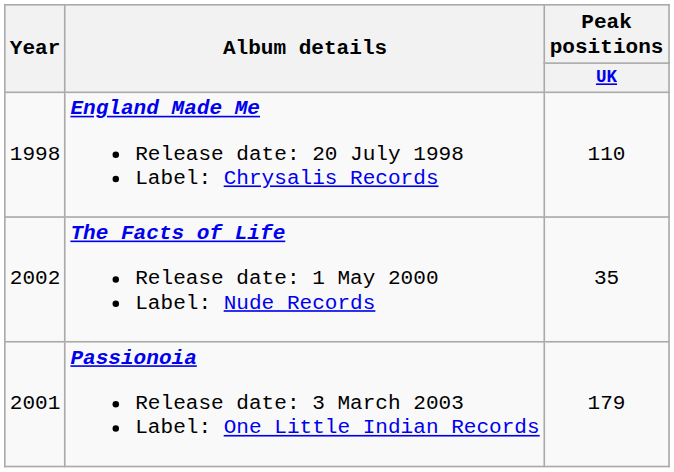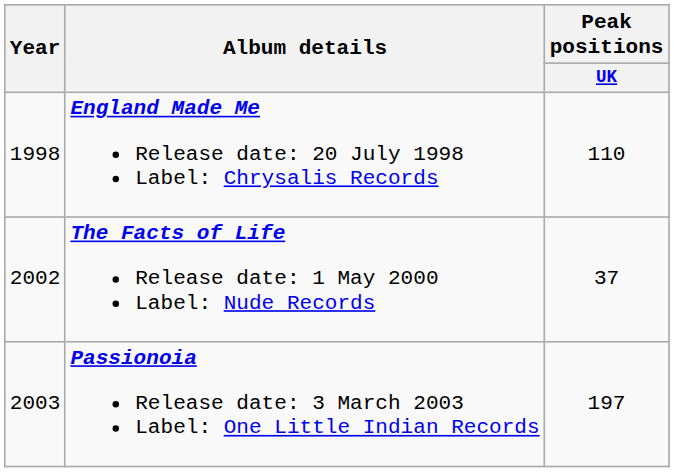 <table class="wikitable" style="text-align:center;">
 <tr>
 <th rowspan="2">Year</th>
 <th rowspan="2">Album details</th>
 <th>Peak positions</th>
 </tr>
 <tr style="font-size:smaller;">
 <th style="width:50px;"><a href='#'>UK</a><br></th>
 </tr>
 <tr>
 <td>1998</td>
 <td style="text-align:left;"><strong><em><a href='#'>England Made Me</a></em></strong><br><ul><li>Release date: 20 July 1998</li><li>Label: <a href='#'>Chrysalis Records</a></li></ul></td>
 <td>110</td>
 </tr>
 <tr>
 <td>2002</td>
 <td style="text-align:left;"><strong><em><a href='#'>The Facts of Life</a></em></strong><br><ul><li>Release date: 1 May 2000</li><li>Label: <a href='#'>Nude Records</a></li></ul></td>
-<td>35</td>
+<td>37</td>
 </tr>
 <tr>
-<td>2001</td>
+<td>2003</td>
 <td style="text-align:left;"><strong><em><a href='#'>Passionoia</a></em></strong><br><ul><li>Release date: 3 March 2003</li><li>Label: <a href='#'>One Little Indian Records</a></li></ul></td>
-<td>179</td>
+<td>197</td>
 </tr>
 </table>
